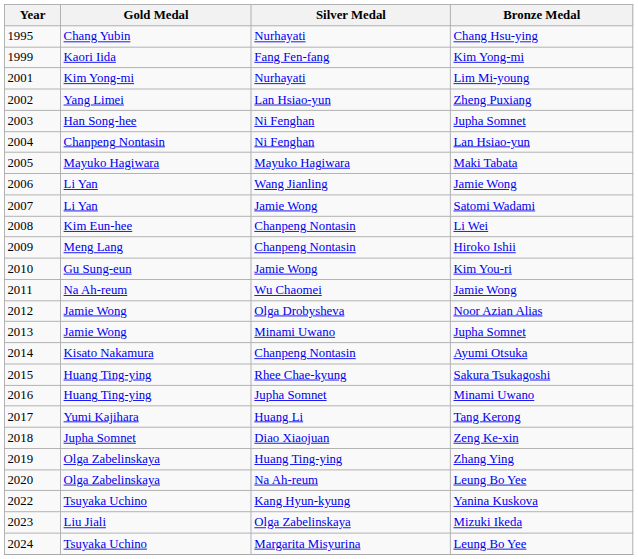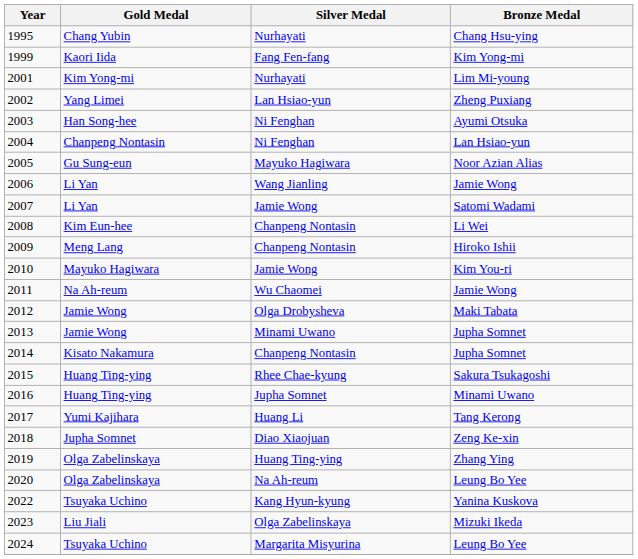 <table class=wikitable style="font-size:90%" width="80%">
 <tr style="background:#ccccff;">
 <th>Year</th>
 <th> <strong>Gold Medal</strong></th>
 <th> <strong>Silver Medal</strong></th>
 <th> <strong>Bronze Medal</strong></th>
 </tr>
 <tr>
 <td>1995</td>
 <td> <a href='#'>Chang Yubin</a></td>
 <td> <a href='#'>Nurhayati</a></td>
 <td> <a href='#'>Chang Hsu-ying</a></td>
 </tr>
 <tr>
 <td>1999</td>
 <td> <a href='#'>Kaori Iida</a></td>
 <td> <a href='#'>Fang Fen-fang</a></td>
 <td> <a href='#'>Kim Yong-mi</a></td>
 </tr>
 <tr>
 <td>2001</td>
 <td> <a href='#'>Kim Yong-mi</a></td>
 <td> <a href='#'>Nurhayati</a></td>
 <td> <a href='#'>Lim Mi-young</a></td>
 </tr>
 <tr>
 <td>2002</td>
 <td> <a href='#'>Yang Limei</a></td>
 <td> <a href='#'>Lan Hsiao-yun</a></td>
 <td> <a href='#'>Zheng Puxiang</a></td>
 </tr>
 <tr>
 <td>2003</td>
 <td> <a href='#'>Han Song-hee</a></td>
 <td> <a href='#'>Ni Fenghan</a></td>
-<td> <a href='#'>Jupha Somnet</a></td>
+<td> <a href='#'>Ayumi Otsuka</a></td>
 </tr>
 <tr>
 <td>2004</td>
 <td> <a href='#'>Chanpeng Nontasin</a></td>
 <td> <a href='#'>Ni Fenghan</a></td>
 <td> <a href='#'>Lan Hsiao-yun</a></td>
 </tr>
 <tr>
 <td>2005</td>
+<td> <a href='#'>Gu Sung-eun</a></td>
 <td> <a href='#'>Mayuko Hagiwara</a></td>
-<td> <a href='#'>Mayuko Hagiwara</a></td>
-<td> <a href='#'>Maki Tabata</a></td>
+<td> <a href='#'>Noor Azian Alias</a></td>
 </tr>
 <tr>
 <td>2006</td>
 <td> <a href='#'>Li Yan</a></td>
 <td> <a href='#'>Wang Jianling</a></td>
 <td> <a href='#'>Jamie Wong</a></td>
 </tr>
 <tr>
 <td>2007</td>
 <td> <a href='#'>Li Yan</a></td>
 <td> <a href='#'>Jamie Wong</a></td>
 <td> <a href='#'>Satomi Wadami</a></td>
 </tr>
 <tr>
 <td>2008</td>
 <td> <a href='#'>Kim Eun-hee</a></td>
 <td> <a href='#'>Chanpeng Nontasin</a></td>
 <td> <a href='#'>Li Wei</a></td>
 </tr>
 <tr>
 <td>2009</td>
 <td> <a href='#'>Meng Lang</a></td>
 <td> <a href='#'>Chanpeng Nontasin</a></td>
 <td> <a href='#'>Hiroko Ishii</a></td>
 </tr>
 <tr>
 <td>2010</td>
-<td> <a href='#'>Gu Sung-eun</a></td>
+<td> <a href='#'>Mayuko Hagiwara</a></td>
 <td> <a href='#'>Jamie Wong</a></td>
 <td> <a href='#'>Kim You-ri</a></td>
 </tr>
 <tr>
 <td>2011</td>
 <td> <a href='#'>Na Ah-reum</a></td>
 <td> <a href='#'>Wu Chaomei</a></td>
 <td> <a href='#'>Jamie Wong</a></td>
 </tr>
 <tr>
 <td>2012</td>
 <td> <a href='#'>Jamie Wong</a></td>
 <td> <a href='#'>Olga Drobysheva</a></td>
-<td> <a href='#'>Noor Azian Alias</a></td>
+<td> <a href='#'>Maki Tabata</a></td>
 </tr>
 <tr>
 <td>2013</td>
 <td> <a href='#'>Jamie Wong</a></td>
 <td> <a href='#'>Minami Uwano</a></td>
 <td> <a href='#'>Jupha Somnet</a></td>
 </tr>
 <tr>
 <td>2014</td>
 <td> <a href='#'>Kisato Nakamura</a></td>
 <td> <a href='#'>Chanpeng Nontasin</a></td>
-<td> <a href='#'>Ayumi Otsuka</a></td>
+<td> <a href='#'>Jupha Somnet</a></td>
 </tr>
 <tr>
 <td>2015</td>
 <td> <a href='#'>Huang Ting-ying</a></td>
 <td> <a href='#'>Rhee Chae-kyung</a></td>
 <td> <a href='#'>Sakura Tsukagoshi</a></td>
 </tr>
 <tr>
 <td>2016</td>
 <td> <a href='#'>Huang Ting-ying</a></td>
 <td> <a href='#'>Jupha Somnet</a></td>
 <td> <a href='#'>Minami Uwano</a></td>
 </tr>
 <tr>
 <td>2017</td>
 <td> <a href='#'>Yumi Kajihara</a></td>
 <td> <a href='#'>Huang Li</a></td>
 <td> <a href='#'>Tang Kerong</a></td>
 </tr>
 <tr>
 <td>2018</td>
 <td> <a href='#'>Jupha Somnet</a></td>
 <td> <a href='#'>Diao Xiaojuan</a></td>
 <td> <a href='#'>Zeng Ke-xin</a></td>
 </tr>
 <tr>
 <td>2019</td>
 <td> <a href='#'>Olga Zabelinskaya</a></td>
 <td> <a href='#'>Huang Ting-ying</a></td>
 <td> <a href='#'>Zhang Ying</a></td>
 </tr>
 <tr>
 <td>2020</td>
 <td> <a href='#'>Olga Zabelinskaya</a></td>
 <td> <a href='#'>Na Ah-reum</a></td>
 <td> <a href='#'>Leung Bo Yee</a></td>
 </tr>
 <tr>
 <td>2022</td>
 <td> <a href='#'>Tsuyaka Uchino</a></td>
 <td> <a href='#'>Kang Hyun-kyung</a></td>
 <td> <a href='#'>Yanina Kuskova</a></td>
 </tr>
 <tr>
 <td>2023</td>
 <td> <a href='#'>Liu Jiali</a></td>
 <td> <a href='#'>Olga Zabelinskaya</a></td>
 <td> <a href='#'>Mizuki Ikeda</a></td>
 </tr>
 <tr>
 <td>2024</td>
 <td> <a href='#'>Tsuyaka Uchino</a></td>
 <td> <a href='#'>Margarita Misyurina</a></td>
 <td> <a href='#'>Leung Bo Yee</a></td>
 </tr>
 <tr>
 </tr>
 </table>
